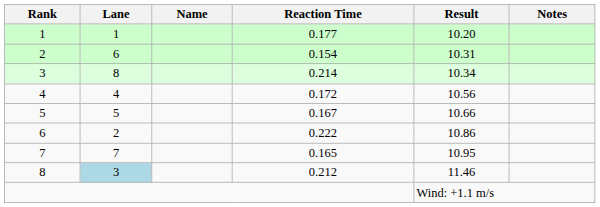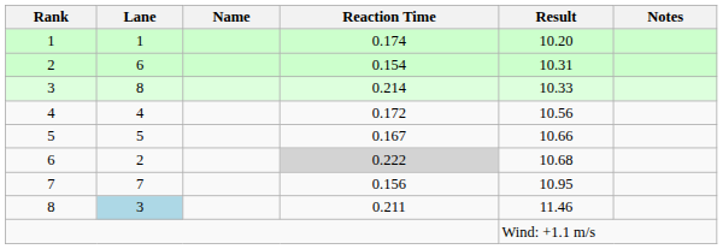 <table class="wikitable" style="text-align:center;width: 60%">
 <tr>
 <th>Rank</th>
 <th>Lane</th>
 <th>Name</th>
 <th>Reaction Time</th>
 <th>Result</th>
 <th>Notes</th>
 </tr>
 <tr bgcolor=ccffcc>
 <td>1</td>
 <td>1</td>
 <td align="left"></td>
-<td>0.177</td>
+<td>0.174</td>
 <td>10.20</td>
 <td></td>
 </tr>
 <tr bgcolor=ccffcc>
 <td>2</td>
 <td>6</td>
 <td align="left"></td>
 <td>0.154</td>
 <td>10.31</td>
 <td></td>
 </tr>
 <tr bgcolor=ddffdd>
 <td>3</td>
 <td>8</td>
 <td align="left"></td>
 <td>0.214</td>
-<td>10.34</td>
+<td>10.33</td>
 <td></td>
 </tr>
 <tr>
 <td>4</td>
 <td>4</td>
 <td align="left"></td>
 <td>0.172</td>
 <td>10.56</td>
 <td></td>
 </tr>
 <tr>
 <td>5</td>
 <td>5</td>
 <td align="left"></td>
 <td>0.167</td>
 <td>10.66</td>
 <td></td>
 </tr>
 <tr>
 <td>6</td>
 <td>2</td>
 <td align="left"></td>
-<td>0.222</td>
-<td>10.86</td>
+<td style="background: lightgrey;">0.222</td>
+<td>10.68</td>
 <td></td>
 </tr>
 <tr>
 <td>7</td>
 <td>7</td>
 <td align="left"></td>
-<td>0.165</td>
+<td>0.156</td>
 <td>10.95</td>
 <td></td>
 </tr>
 <tr>
 <td>8</td>
 <td style="background: lightblue;">3</td>
 <td align="left"></td>
-<td>0.212</td>
+<td>0.211</td>
 <td>11.46</td>
 <td></td>
 </tr>
 <tr class="sortbottom">
 <td colspan=4></td>
 <td colspan="2" style="text-align:left;">Wind: +1.1 m/s</td>
 </tr>
 </table>
